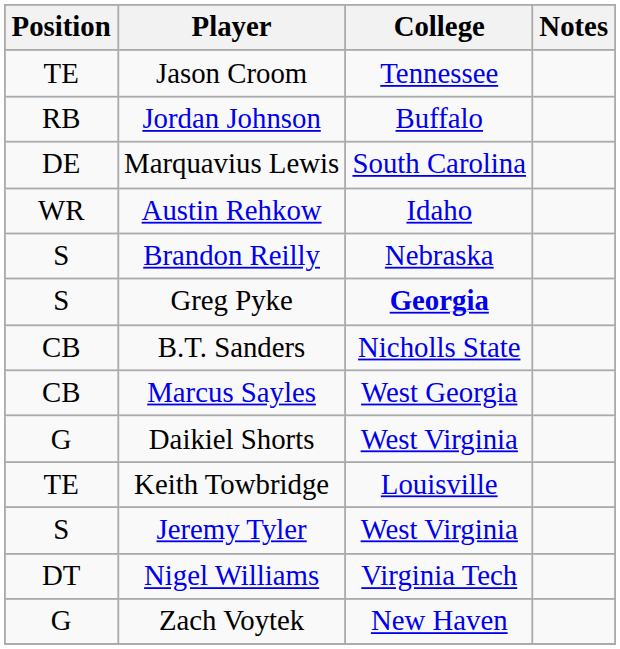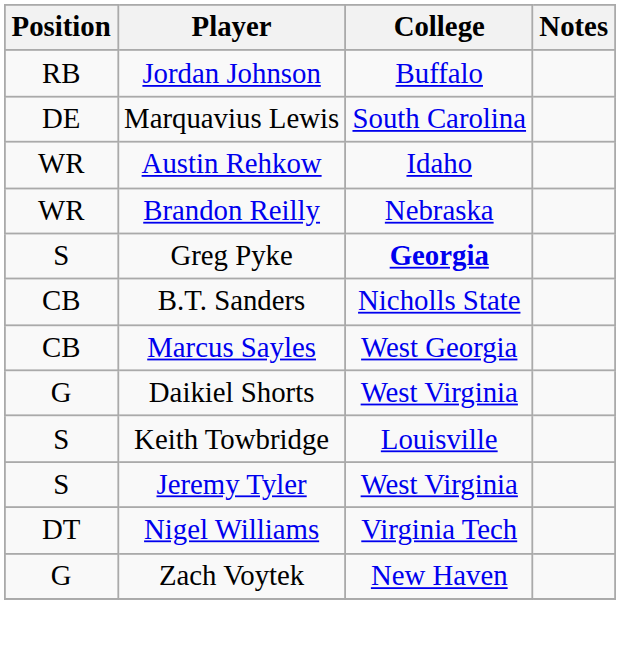 <table class="wikitable" style="font-size: 100%; text-align: center">
 <tr>
 <th>Position</th>
 <th>Player</th>
 <th>College</th>
 <th>Notes</th>
-</tr>
-<tr>
-<td>TE</td>
-<td>Jason Croom</td>
-<td><a href='#'>Tennessee</a></td>
-<td></td>
 </tr>
 <tr>
 <td>RB</td>
 <td><a href='#'>Jordan Johnson</a></td>
 <td><a href='#'>Buffalo</a></td>
 <td></td>
 </tr>
 <tr>
 <td>DE</td>
 <td>Marquavius Lewis</td>
 <td><a href='#'>South Carolina</a></td>
 <td></td>
 </tr>
 <tr>
 <td>WR</td>
 <td><a href='#'>Austin Rehkow</a></td>
 <td><a href='#'>Idaho</a></td>
 <td></td>
 </tr>
 <tr>
-<td>S</td>
+<td>WR</td>
 <td><a href='#'>Brandon Reilly</a></td>
 <td><a href='#'>Nebraska</a></td>
 <td></td>
 </tr>
 <tr>
 <td>S</td>
 <td>Greg Pyke</td>
 <td><strong><a href='#'>Georgia</a></strong></td>
 <td></td>
 </tr>
 <tr>
 <td>CB</td>
 <td>B.T. Sanders</td>
 <td><a href='#'>Nicholls State</a></td>
 <td></td>
 </tr>
 <tr>
 <td>CB</td>
 <td><a href='#'>Marcus Sayles</a></td>
 <td><a href='#'>West Georgia</a></td>
 <td></td>
 </tr>
 <tr>
 <td>G</td>
 <td>Daikiel Shorts</td>
 <td><a href='#'>West Virginia</a></td>
 <td></td>
 </tr>
 <tr>
-<td>TE</td>
+<td>S</td>
 <td>Keith Towbridge</td>
 <td><a href='#'>Louisville</a></td>
 <td></td>
 </tr>
 <tr>
 <td>S</td>
 <td><a href='#'>Jeremy Tyler</a></td>
 <td><a href='#'>West Virginia</a></td>
 <td></td>
 </tr>
 <tr>
 <td>DT</td>
 <td><a href='#'>Nigel Williams</a></td>
 <td><a href='#'>Virginia Tech</a></td>
 <td></td>
 </tr>
 <tr>
 <td>G</td>
 <td>Zach Voytek</td>
 <td><a href='#'>New Haven</a></td>
 <td></td>
 </tr>
 <tr>
 </tr>
 </table>
